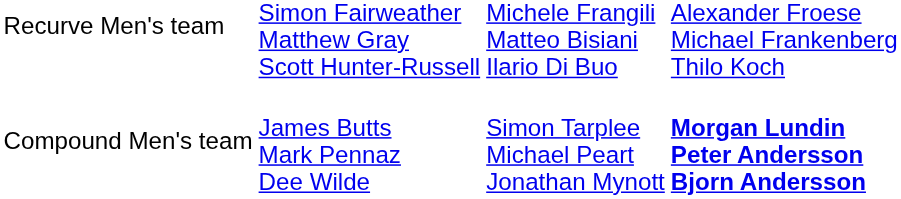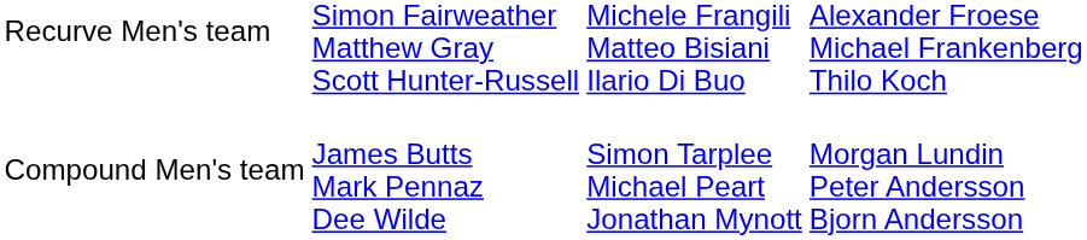 <table>
 <tr>
 <td>Recurve Men's team<br></td>
 <td><br><a href='#'>Simon Fairweather</a><br><a href='#'>Matthew Gray</a><br><a href='#'>Scott Hunter-Russell</a></td>
 <td><br><a href='#'>Michele Frangili</a><br><a href='#'>Matteo Bisiani</a><br><a href='#'>Ilario Di Buo</a></td>
 <td><br><a href='#'>Alexander Froese</a><br><a href='#'>Michael Frankenberg</a><br><a href='#'>Thilo Koch</a></td>
 </tr>
 <tr>
 <td>Compound Men's team<br></td>
 <td> <br><a href='#'>James Butts</a><br><a href='#'>Mark Pennaz</a><br><a href='#'>Dee Wilde</a></td>
 <td> <br><a href='#'>Simon Tarplee</a><br><a href='#'>Michael Peart</a><br><a href='#'>Jonathan Mynott</a></td>
-<td><strong> <br><a href='#'>Morgan Lundin</a><br><a href='#'>Peter Andersson</a><br><a href='#'>Bjorn Andersson</a></strong></td>
+<td> <br><a href='#'>Morgan Lundin</a><br><a href='#'>Peter Andersson</a><br><a href='#'>Bjorn Andersson</a></td>
 </tr>
 </table>
